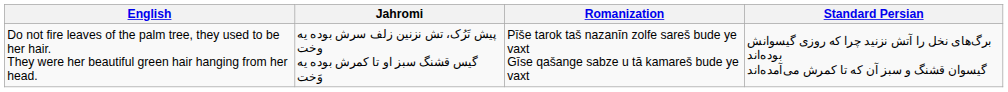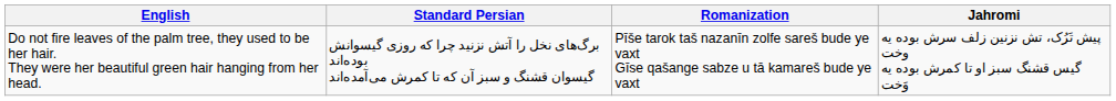 <table class="wikitable" style="font-size: 95%">
 <tr>
 <th><a href='#'>English</a></th>
+<th><a href='#'>Standard Persian</a></th>
+<th><a href='#'>Romanization</a></th>
 <th>Jahromi</th>
-<th><a href='#'>Romanization</a></th>
-<th><a href='#'>Standard Persian</a></th>
 </tr>
 <tr>
 <td>Do not fire leaves of the palm tree, they used to be her hair.<br>They were her beautiful green hair hanging from her head.</td>
+<td>برگ‌های نخل را آتش نزنید چرا که روزی گیسوانش بوده‌اند<br>گیسوان قشنگ و سبز آن که تا کمرش می‌آمده‌اند</td>
+<td>Pīše tarok taš nazanīn zolfe sareš bude ye vaxt<br>Gīse qašange sabze u tā kamareš bude ye vaxt</td>
 <td>پیش تَرُک، تش نزنین زلف سرش بوده یه وخت<br>گیس قشنگ سبز او تا کمرش بوده یه وَخت</td>
-<td>Pīše tarok taš nazanīn zolfe sareš bude ye vaxt<br>Gīse qašange sabze u tā kamareš bude ye vaxt</td>
-<td>برگ‌های نخل را آتش نزنید چرا که روزی گیسوانش بوده‌اند<br>گیسوان قشنگ و سبز آن که تا کمرش می‌آمده‌اند</td>
 </tr>
 </table>
